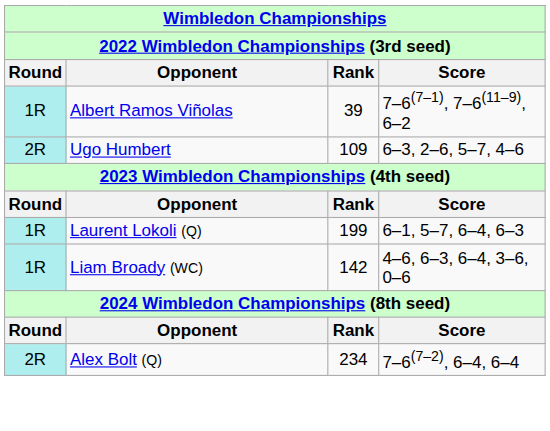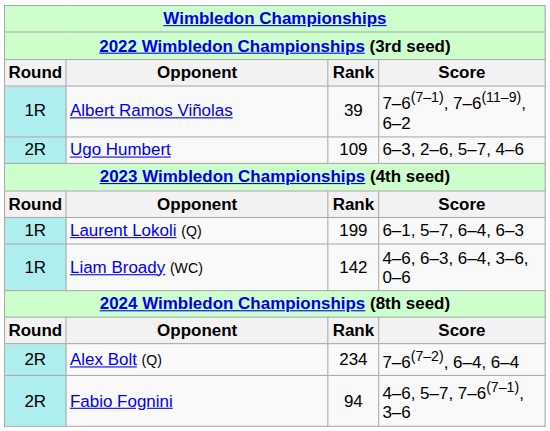 <table class="wikitable nowrap" style="display:inline-table;">
 <tr>
 <th colspan=4 style="background:#cfc;"><a href='#'>Wimbledon Championships</a></th>
 </tr>
 <tr>
 <th colspan=4 style="background:#cfc;"><a href='#'>2022 Wimbledon Championships</a> (3rd seed)</th>
 </tr>
 <tr>
 <th width=40>Round</th>
 <th width=240>Opponent</th>
 <th width=40>Rank</th>
 <th width=150>Score</th>
 </tr>
 <tr>
 <td style="text-align:center; background:#afeeee;">1R</td>
 <td> <a href='#'>Albert Ramos Viñolas</a></td>
 <td style="text-align:center">39</td>
 <td>7–6<sup>(7–1)</sup>, 7–6<sup>(11–9)</sup>, 6–2</td>
 </tr>
 <tr>
 <td style="text-align:center; background:#afeeee;">2R</td>
 <td> <a href='#'>Ugo Humbert</a></td>
 <td style="text-align:center">109</td>
 <td>6–3, 2–6, 5–7, 4–6</td>
 </tr>
 <tr>
 <th colspan=4 style="background:#cfc;"><a href='#'>2023 Wimbledon Championships</a> (4th seed)</th>
 </tr>
 <tr>
 <th width=40>Round</th>
 <th width=240>Opponent</th>
 <th width=40>Rank</th>
 <th width=150>Score</th>
 </tr>
 <tr>
 <td style="text-align:center; background:#afeeee;">1R</td>
 <td> <a href='#'>Laurent Lokoli</a> <small>(Q)</small></td>
 <td style="text-align:center">199</td>
 <td>6–1, 5–7, 6–4, 6–3</td>
 </tr>
 <tr>
 <td style="text-align:center; background:#afeeee;">1R</td>
 <td> <a href='#'>Liam Broady</a> <small>(WC)</small></td>
 <td style="text-align:center">142</td>
 <td>4–6, 6–3, 6–4, 3–6, 0–6</td>
 </tr>
 <tr>
 <th colspan=4 style="background:#cfc;"><a href='#'>2024 Wimbledon Championships</a> (8th seed)</th>
 </tr>
 <tr>
 <th width=40>Round</th>
 <th width=240>Opponent</th>
 <th width=40>Rank</th>
 <th width=150>Score</th>
 </tr>
 <tr>
 <td style="text-align:center; background:#afeeee;">2R</td>
 <td> <a href='#'>Alex Bolt</a> <small>(Q)</small></td>
 <td style="text-align:center">234</td>
 <td>7–6<sup>(7–2)</sup>, 6–4, 6–4</td>
 </tr>
+<tr>
+<td style="text-align:center; background:#afeeee;">2R</td>
+<td> <a href='#'>Fabio Fognini</a></td>
+<td style="text-align:center">94</td>
+<td>4–6, 5–7, 7–6<sup>(7–1)</sup>, 3–6</td>
+</tr>
 </table>
